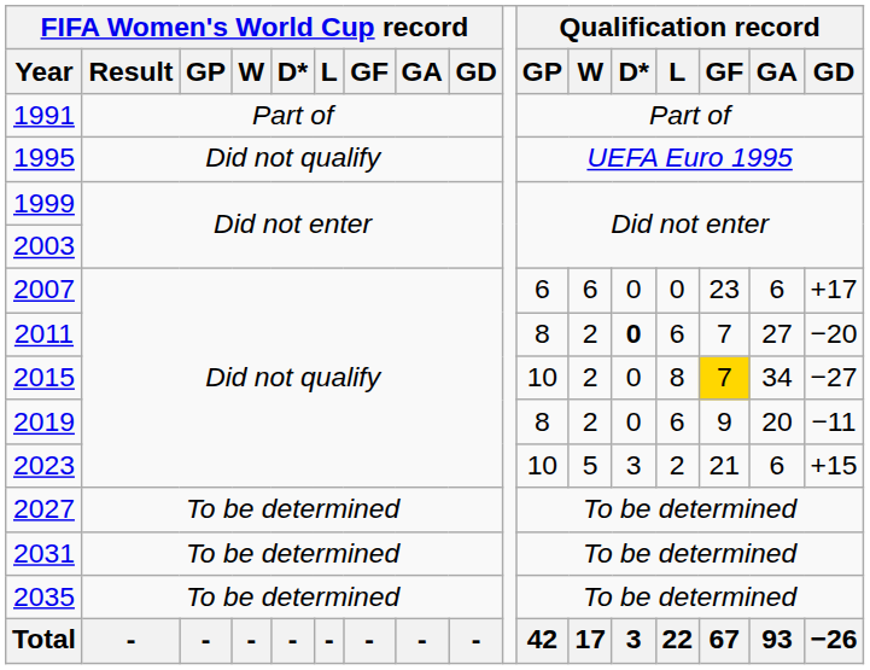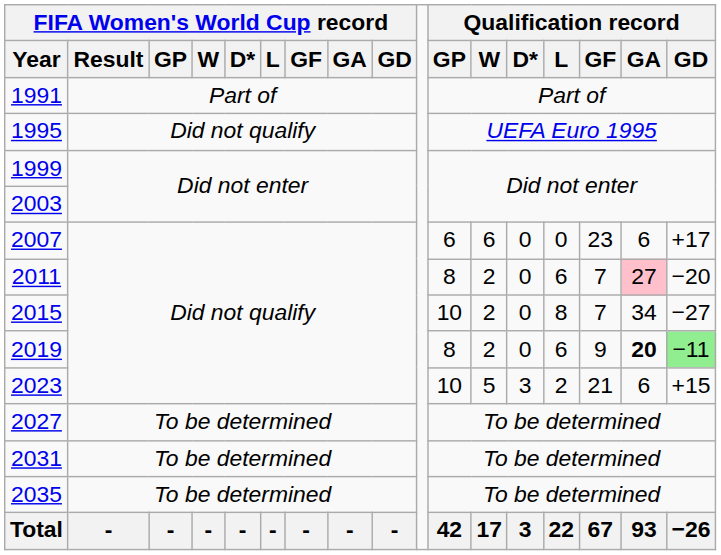 <table class="wikitable" style="text-align: center;">
 <tr>
 <th colspan=9><a href='#'>FIFA Women's World Cup</a> record</th>
 <td rowspan=100></td>
 <th colspan=7>Qualification record</th>
 </tr>
 <tr>
 <th>Year</th>
 <th>Result</th>
 <th>GP</th>
 <th>W</th>
 <th>D*</th>
 <th>L</th>
 <th>GF</th>
 <th>GA</th>
 <th>GD</th>
 <th>GP</th>
 <th>W</th>
 <th>D*</th>
 <th>L</th>
 <th>GF</th>
 <th>GA</th>
 <th>GD</th>
 </tr>
 <tr>
 <td> <a href='#'>1991</a></td>
 <td colspan=8><em>Part of </em></td>
 <td colspan=7><em>Part of </em></td>
 </tr>
 <tr>
 <td> <a href='#'>1995</a></td>
 <td colspan=8><em>Did not qualify</em></td>
 <td colspan=7><a href='#'><em>UEFA Euro 1995</em></a></td>
 </tr>
 <tr>
 <td> <a href='#'>1999</a></td>
 <td colspan=8 rowspan=2><em>Did not enter</em></td>
 <td colspan=7 rowspan=2><em>Did not enter</em></td>
 </tr>
 <tr>
 <td> <a href='#'>2003</a></td>
 </tr>
 <tr>
 <td> <a href='#'>2007</a></td>
 <td colspan=8 rowspan=5><em>Did not qualify</em></td>
 <td>6</td>
 <td>6</td>
 <td>0</td>
 <td>0</td>
 <td>23</td>
 <td>6</td>
 <td>+17</td>
 </tr>
 <tr>
 <td> <a href='#'>2011</a></td>
 <td>8</td>
 <td>2</td>
-<td><strong>0</strong></td>
+<td>0</td>
 <td>6</td>
 <td>7</td>
-<td>27</td>
+<td style="background: pink;">27</td>
 <td>−20</td>
 </tr>
 <tr>
 <td> <a href='#'>2015</a></td>
 <td>10</td>
 <td>2</td>
 <td>0</td>
 <td>8</td>
-<td style="background: gold;">7</td>
+<td>7</td>
 <td>34</td>
 <td>−27</td>
 </tr>
 <tr>
 <td> <a href='#'>2019</a></td>
 <td>8</td>
 <td>2</td>
 <td>0</td>
 <td>6</td>
 <td>9</td>
-<td>20</td>
-<td>−11</td>
+<td><strong>20</strong></td>
+<td style="background: lightgreen;">−11</td>
 </tr>
 <tr>
 <td> <a href='#'>2023</a></td>
 <td>10</td>
 <td>5</td>
 <td>3</td>
 <td>2</td>
 <td>21</td>
 <td>6</td>
 <td>+15</td>
 </tr>
 <tr>
 <td> <a href='#'>2027</a></td>
 <td colspan=8><em>To be determined</em></td>
 <td colspan=7><em>To be determined</em></td>
 </tr>
 <tr>
 <td> <a href='#'>2031</a></td>
 <td colspan=8><em>To be determined</em></td>
 <td colspan=7><em>To be determined</em></td>
 </tr>
 <tr>
 <td> <a href='#'>2035</a></td>
 <td colspan=8><em>To be determined</em></td>
 <td colspan=7><em>To be determined</em></td>
 </tr>
 <tr>
 <th>Total</th>
 <th>-</th>
 <th>-</th>
 <th>-</th>
 <th>-</th>
 <th>-</th>
 <th>-</th>
 <th>-</th>
 <th>-</th>
 <th>42</th>
 <th>17</th>
 <th>3</th>
 <th>22</th>
 <th>67</th>
 <th>93</th>
 <th>−26</th>
 </tr>
 </table>
